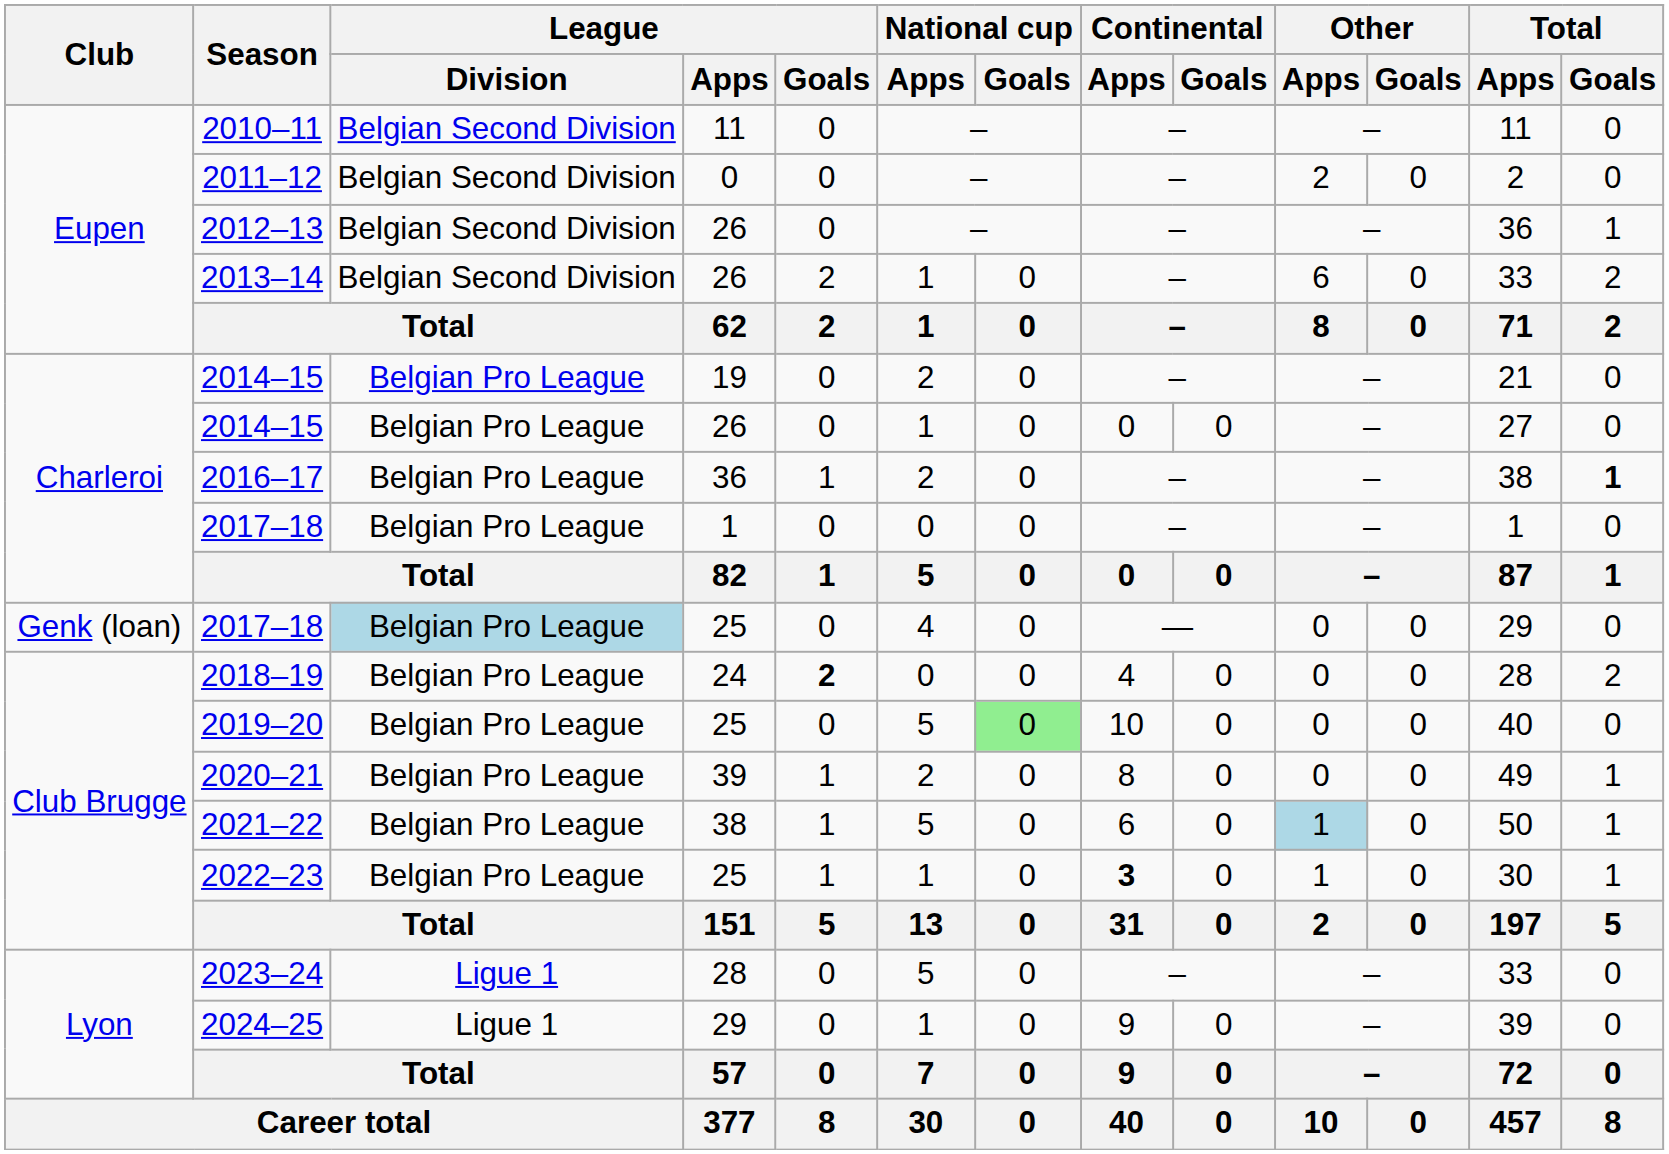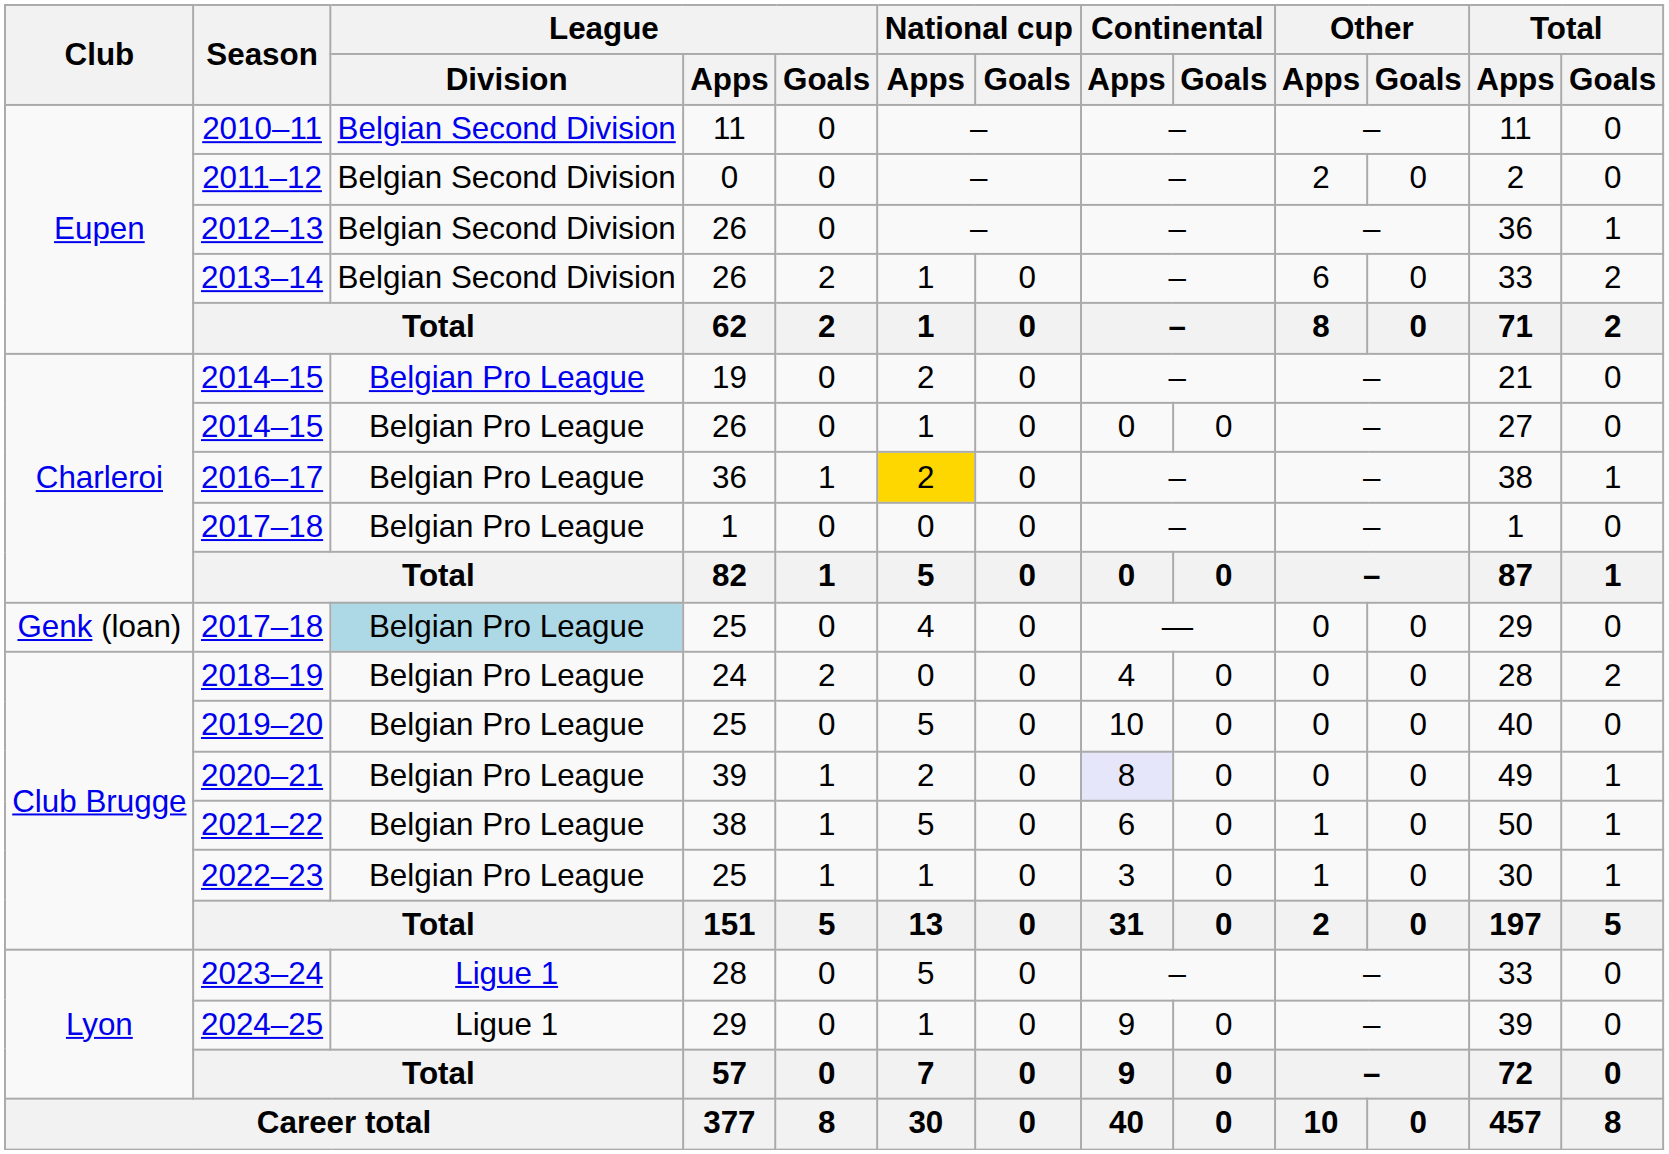 <table class="wikitable" style="text-align:center">
 <tr>
 <th rowspan="2">Club</th>
 <th rowspan="2">Season</th>
 <th colspan="3">League</th>
 <th colspan="2">National cup</th>
 <th colspan="2">Continental</th>
 <th colspan="2">Other</th>
 <th colspan="2">Total</th>
 </tr>
 <tr>
 <th>Division</th>
 <th>Apps</th>
 <th>Goals</th>
 <th>Apps</th>
 <th>Goals</th>
 <th>Apps</th>
 <th>Goals</th>
 <th>Apps</th>
 <th>Goals</th>
 <th>Apps</th>
 <th>Goals</th>
 </tr>
 <tr>
 <td rowspan="5"><a href='#'>Eupen</a></td>
 <td><a href='#'>2010–11</a></td>
 <td><a href='#'>Belgian Second Division</a></td>
 <td>11</td>
 <td>0</td>
 <td colspan="2">–</td>
 <td colspan="2">–</td>
 <td colspan="2">–</td>
 <td>11</td>
 <td>0</td>
 </tr>
 <tr>
 <td><a href='#'>2011–12</a></td>
 <td>Belgian Second Division</td>
 <td>0</td>
 <td>0</td>
 <td colspan="2">–</td>
 <td colspan="2">–</td>
 <td>2</td>
 <td>0</td>
 <td>2</td>
 <td>0</td>
 </tr>
 <tr>
 <td><a href='#'>2012–13</a></td>
 <td>Belgian Second Division</td>
 <td>26</td>
 <td>0</td>
 <td colspan="2">–</td>
 <td colspan="2">–</td>
 <td colspan="2">–</td>
 <td>36</td>
 <td>1</td>
 </tr>
 <tr>
 <td><a href='#'>2013–14</a></td>
 <td>Belgian Second Division</td>
 <td>26</td>
 <td>2</td>
 <td>1</td>
 <td>0</td>
 <td colspan="2">–</td>
 <td>6</td>
 <td>0</td>
 <td>33</td>
 <td>2</td>
 </tr>
 <tr>
 <th colspan="2">Total</th>
 <th>62</th>
 <th>2</th>
 <th>1</th>
 <th>0</th>
 <th colspan="2">–</th>
 <th>8</th>
 <th>0</th>
 <th>71</th>
 <th>2</th>
 </tr>
 <tr>
 <td rowspan="5"><a href='#'>Charleroi</a></td>
 <td><a href='#'>2014–15</a></td>
 <td><a href='#'>Belgian Pro League</a></td>
 <td>19</td>
 <td>0</td>
 <td>2</td>
 <td>0</td>
 <td colspan="2">–</td>
 <td colspan="2">–</td>
 <td>21</td>
 <td>0</td>
 </tr>
 <tr>
 <td><a href='#'>2014–15</a></td>
 <td>Belgian Pro League</td>
 <td>26</td>
 <td>0</td>
 <td>1</td>
 <td>0</td>
 <td>0</td>
 <td>0</td>
 <td colspan="2">–</td>
 <td>27</td>
 <td>0</td>
 </tr>
 <tr>
 <td><a href='#'>2016–17</a></td>
 <td>Belgian Pro League</td>
 <td>36</td>
 <td>1</td>
-<td>2</td>
+<td style="background: gold;">2</td>
 <td>0</td>
 <td colspan="2">–</td>
 <td colspan="2">–</td>
 <td>38</td>
-<td><strong>1</strong></td>
+<td>1</td>
 </tr>
 <tr>
 <td><a href='#'>2017–18</a></td>
 <td>Belgian Pro League</td>
 <td>1</td>
 <td>0</td>
 <td>0</td>
 <td>0</td>
 <td colspan="2">–</td>
 <td colspan="2">–</td>
 <td>1</td>
 <td>0</td>
 </tr>
 <tr>
 <th colspan="2">Total</th>
 <th>82</th>
 <th>1</th>
 <th>5</th>
 <th>0</th>
 <th>0</th>
 <th>0</th>
 <th colspan="2">–</th>
 <th>87</th>
 <th>1</th>
 </tr>
 <tr>
 <td><a href='#'>Genk</a> (loan)</td>
 <td><a href='#'>2017–18</a></td>
 <td style="background: lightblue;">Belgian Pro League</td>
 <td>25</td>
 <td>0</td>
 <td>4</td>
 <td>0</td>
 <td colspan="2">—</td>
 <td>0</td>
 <td>0</td>
 <td>29</td>
 <td>0</td>
 </tr>
 <tr>
 <td rowspan="6"><a href='#'>Club Brugge</a></td>
 <td><a href='#'>2018–19</a></td>
 <td>Belgian Pro League</td>
 <td>24</td>
-<td><strong>2</strong></td>
+<td>2</td>
 <td>0</td>
 <td>0</td>
 <td>4</td>
 <td>0</td>
 <td>0</td>
 <td>0</td>
 <td>28</td>
 <td>2</td>
 </tr>
 <tr>
 <td><a href='#'>2019–20</a></td>
 <td>Belgian Pro League</td>
 <td>25</td>
 <td>0</td>
 <td>5</td>
-<td style="background: lightgreen;">0</td>
+<td>0</td>
 <td>10</td>
 <td>0</td>
 <td>0</td>
 <td>0</td>
 <td>40</td>
 <td>0</td>
 </tr>
 <tr>
 <td><a href='#'>2020–21</a></td>
 <td>Belgian Pro League</td>
 <td>39</td>
 <td>1</td>
 <td>2</td>
 <td>0</td>
-<td>8</td>
+<td style="background: lavender;">8</td>
 <td>0</td>
 <td>0</td>
 <td>0</td>
 <td>49</td>
 <td>1</td>
 </tr>
 <tr>
 <td><a href='#'>2021–22</a></td>
 <td>Belgian Pro League</td>
 <td>38</td>
 <td>1</td>
 <td>5</td>
 <td>0</td>
 <td>6</td>
 <td>0</td>
-<td style="background: lightblue;">1</td>
+<td>1</td>
 <td>0</td>
 <td>50</td>
 <td>1</td>
 </tr>
 <tr>
 <td><a href='#'>2022–23</a></td>
 <td>Belgian Pro League</td>
 <td>25</td>
 <td>1</td>
 <td>1</td>
 <td>0</td>
-<td><strong>3</strong></td>
+<td>3</td>
 <td>0</td>
 <td>1</td>
 <td>0</td>
 <td>30</td>
 <td>1</td>
 </tr>
 <tr>
 <th colspan="2">Total</th>
 <th>151</th>
 <th>5</th>
 <th>13</th>
 <th>0</th>
 <th>31</th>
 <th>0</th>
 <th>2</th>
 <th>0</th>
 <th>197</th>
 <th>5</th>
 </tr>
 <tr>
 <td rowspan="3"><a href='#'>Lyon</a></td>
 <td><a href='#'>2023–24</a></td>
 <td><a href='#'>Ligue 1</a></td>
 <td>28</td>
 <td>0</td>
 <td>5</td>
 <td>0</td>
 <td colspan="2">–</td>
 <td colspan="2">–</td>
 <td>33</td>
 <td>0</td>
 </tr>
 <tr>
 <td><a href='#'>2024–25</a></td>
 <td>Ligue 1</td>
 <td>29</td>
 <td>0</td>
 <td>1</td>
 <td>0</td>
 <td>9</td>
 <td>0</td>
 <td colspan="2">–</td>
 <td>39</td>
 <td>0</td>
 </tr>
 <tr>
 <th colspan="2">Total</th>
 <th>57</th>
 <th>0</th>
 <th>7</th>
 <th>0</th>
 <th>9</th>
 <th>0</th>
 <th colspan="2">–</th>
 <th>72</th>
 <th>0</th>
 </tr>
 <tr>
 <th colspan="3">Career total</th>
 <th>377</th>
 <th>8</th>
 <th>30</th>
 <th>0</th>
 <th>40</th>
 <th>0</th>
 <th>10</th>
 <th>0</th>
 <th>457</th>
 <th>8</th>
 </tr>
 </table>
